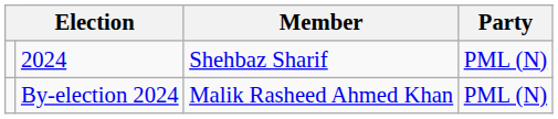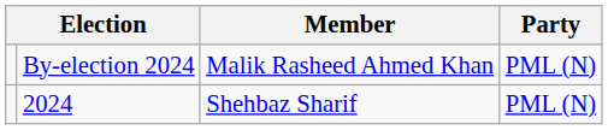 <table class="wikitable">
 <tr>
 <th colspan="2">Election</th>
 <th>Member</th>
 <th>Party</th>
 </tr>
 <tr>
 <td style="background-color: "></td>
+<td><a href='#'>By-election 2024</a></td>
+<td><a href='#'>Malik Rasheed Ahmed Khan</a></td>
+<td><a href='#'>PML (N)</a></td>
+</tr>
+<tr>
+<td style="background-color: "></td>
 <td><a href='#'>2024</a></td>
 <td><a href='#'>Shehbaz Sharif</a></td>
 <td><a href='#'>PML (N)</a></td>
 </tr>
-<tr>
-<td style="background-color: "></td>
-<td><a href='#'>By-election 2024</a></td>
-<td><a href='#'>Malik Rasheed Ahmed Khan</a></td>
-<td><a href='#'>PML (N)</a></td>
-</tr>
 </table>
